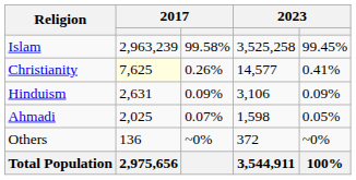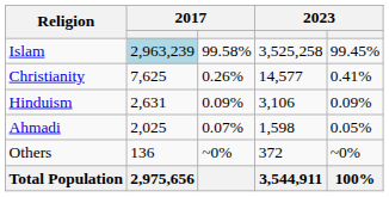 <table class="wikitable sortable">
 <tr>
 <th rowspan="2">Religion</th>
 <th colspan="2">2017</th>
 <th colspan="2">2023</th>
 </tr>
 <tr>
 <th></th>
 <th></th>
 <th></th>
 <th></th>
 </tr>
 <tr>
 <td><a href='#'>Islam</a> </td>
-<td>2,963,239</td>
+<td style="background: lightblue;">2,963,239</td>
 <td>99.58%</td>
 <td>3,525,258</td>
 <td>99.45%</td>
 </tr>
 <tr>
 <td><a href='#'>Christianity</a> </td>
-<td style="background: lightyellow;">7,625</td>
+<td>7,625</td>
 <td>0.26%</td>
 <td>14,577</td>
 <td>0.41%</td>
 </tr>
 <tr>
 <td><a href='#'>Hinduism</a> </td>
 <td>2,631</td>
 <td>0.09%</td>
 <td>3,106</td>
 <td>0.09%</td>
 </tr>
 <tr>
 <td><a href='#'>Ahmadi</a></td>
 <td>2,025</td>
 <td>0.07%</td>
 <td>1,598</td>
 <td>0.05%</td>
 </tr>
 <tr>
 <td>Others</td>
 <td>136</td>
 <td>~0%</td>
 <td>372</td>
 <td>~0%</td>
 </tr>
 <tr>
 <th>Total Population</th>
 <th>2,975,656</th>
 <th></th>
 <th>3,544,911</th>
 <th>100%</th>
 </tr>
 </table>
